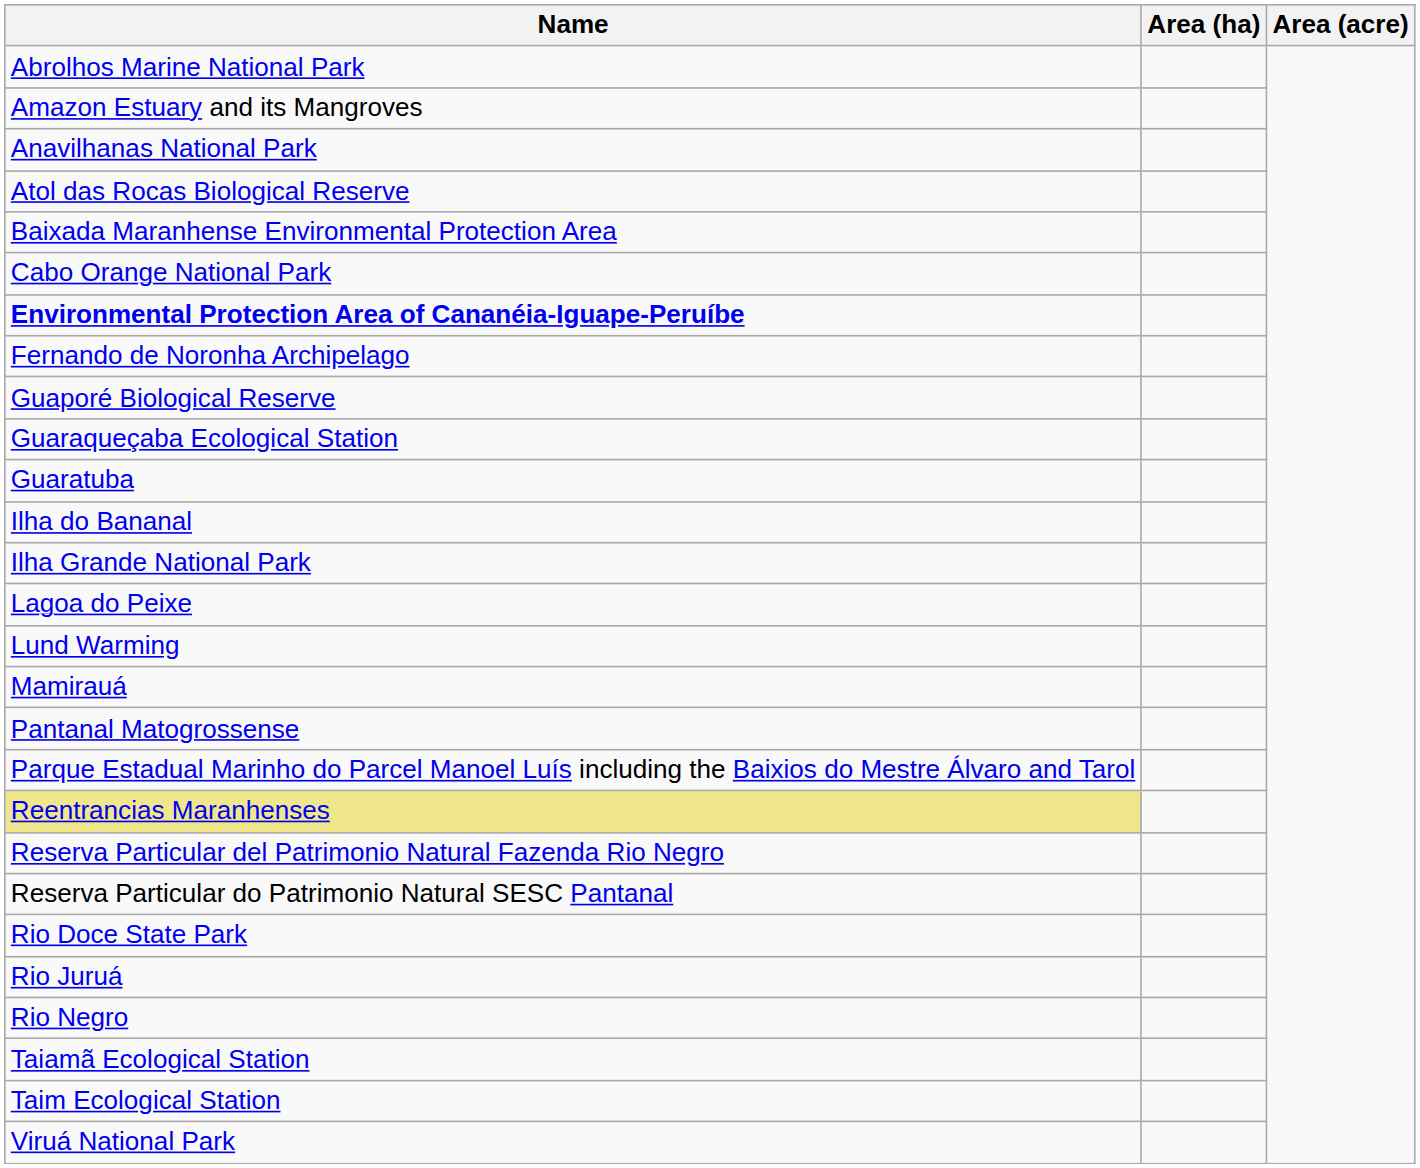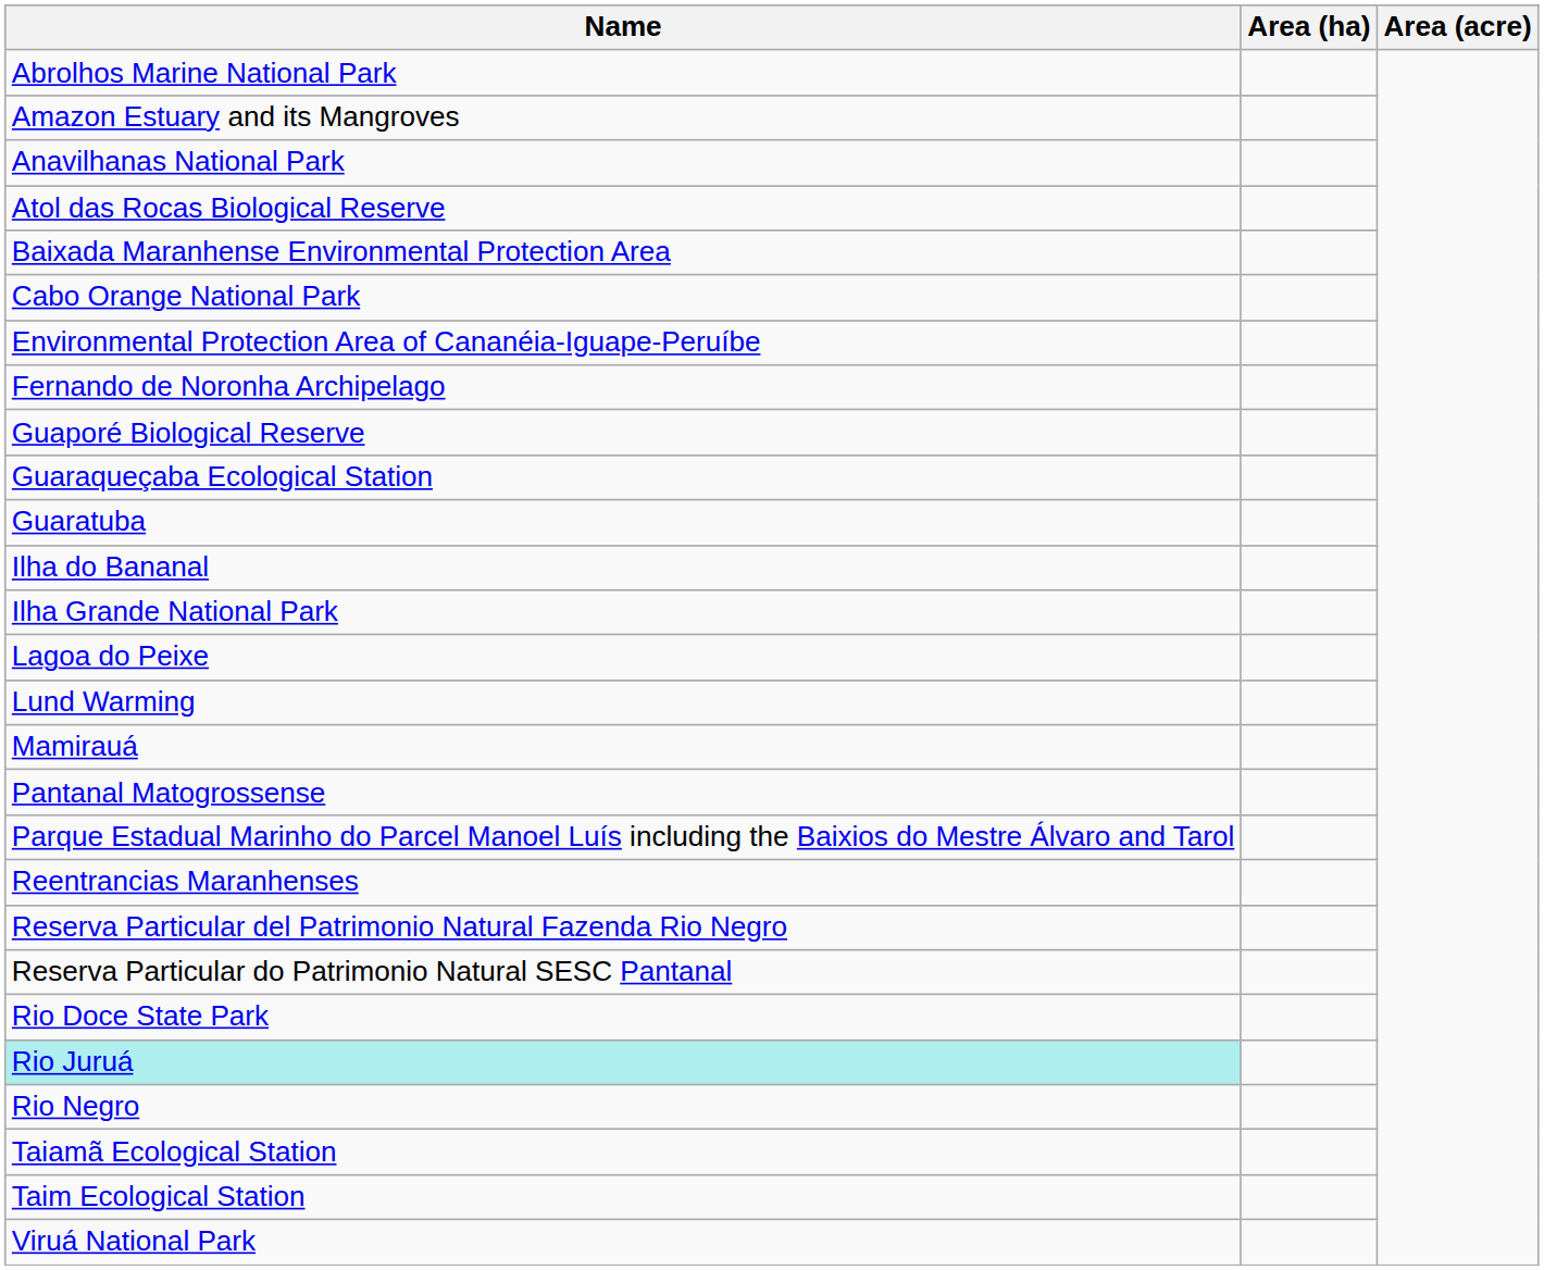 <table class="wikitable sortable">
 <tr>
 <th scope="col" align=left>Name</th>
 <th scope="col">Area (ha)</th>
 <th scope="col">Area (acre)</th>
 </tr>
 <tr ---->
 <td><a href='#'>Abrolhos Marine National Park</a></td>
 <td></td>
 </tr>
 <tr ---->
 <td><a href='#'>Amazon Estuary</a> and its Mangroves</td>
 <td></td>
 </tr>
 <tr ---->
 <td><a href='#'>Anavilhanas National Park</a></td>
 <td></td>
 </tr>
 <tr ---->
 <td><a href='#'>Atol das Rocas Biological Reserve</a></td>
 <td></td>
 </tr>
 <tr ---->
 <td><a href='#'>Baixada Maranhense Environmental Protection Area</a></td>
 <td></td>
 </tr>
 <tr ---->
 <td><a href='#'>Cabo Orange National Park</a></td>
 <td></td>
 </tr>
 <tr ---->
-<td><strong><a href='#'>Environmental Protection Area of Cananéia-Iguape-Peruíbe</a></strong></td>
+<td><a href='#'>Environmental Protection Area of Cananéia-Iguape-Peruíbe</a></td>
 <td></td>
 </tr>
 <tr ---->
 <td><a href='#'>Fernando de Noronha Archipelago</a></td>
 <td></td>
 </tr>
 <tr ---->
 <td><a href='#'>Guaporé Biological Reserve</a></td>
 <td></td>
 </tr>
 <tr ---->
 <td><a href='#'>Guaraqueçaba Ecological Station</a></td>
 <td></td>
 </tr>
 <tr ---->
 <td><a href='#'>Guaratuba</a></td>
 <td></td>
 </tr>
 <tr ---->
 <td><a href='#'>Ilha do Bananal</a></td>
 <td></td>
 </tr>
 <tr ---->
 <td><a href='#'>Ilha Grande National Park</a></td>
 <td></td>
 </tr>
 <tr ---->
 <td><a href='#'>Lagoa do Peixe</a></td>
 <td></td>
 </tr>
 <tr ---->
 <td><a href='#'>Lund Warming</a></td>
 <td></td>
 </tr>
 <tr ---->
 <td><a href='#'>Mamirauá</a></td>
 <td></td>
 </tr>
 <tr ---->
 <td><a href='#'>Pantanal Matogrossense</a></td>
 <td></td>
 </tr>
 <tr ---->
 <td><a href='#'>Parque Estadual Marinho do Parcel Manoel Luís</a> including the <a href='#'>Baixios do Mestre Álvaro and Tarol</a></td>
 <td></td>
 </tr>
 <tr ---->
-<td style="background: khaki;"><a href='#'>Reentrancias Maranhenses</a></td>
+<td><a href='#'>Reentrancias Maranhenses</a></td>
 <td></td>
 </tr>
 <tr ---->
 <td><a href='#'>Reserva Particular del Patrimonio Natural Fazenda Rio Negro</a></td>
 <td></td>
 </tr>
 <tr ---->
 <td>Reserva Particular do Patrimonio Natural SESC <a href='#'>Pantanal</a></td>
 <td></td>
 </tr>
 <tr ---->
 <td><a href='#'>Rio Doce State Park</a></td>
 <td></td>
 </tr>
 <tr ---->
-<td><a href='#'>Rio Juruá</a></td>
+<td style="background: paleturquoise;"><a href='#'>Rio Juruá</a></td>
 <td></td>
 </tr>
 <tr ---->
 <td><a href='#'>Rio Negro</a></td>
 <td></td>
 </tr>
 <tr ---->
 <td><a href='#'>Taiamã Ecological Station</a></td>
 <td></td>
 </tr>
 <tr ---->
 <td><a href='#'>Taim Ecological Station</a></td>
 <td></td>
 </tr>
 <tr ---->
 <td><a href='#'>Viruá National Park</a></td>
 <td></td>
 </tr>
 </table>
